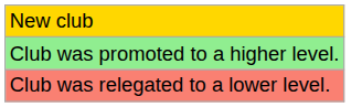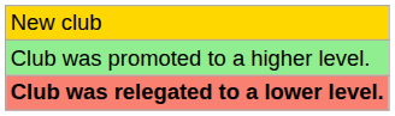 <table class="wikitable">
 <tr>
 <td style="background:gold">New club</td>
 </tr>
 <tr>
 <td style="background:lightgreen">Club was promoted to a higher level.</td>
 </tr>
 <tr>
-<td style="background:salmon">Club was relegated to a lower level.</td>
+<td style="background:salmon"><strong>Club was relegated to a lower level.</strong></td>
 </tr>
 </table>
